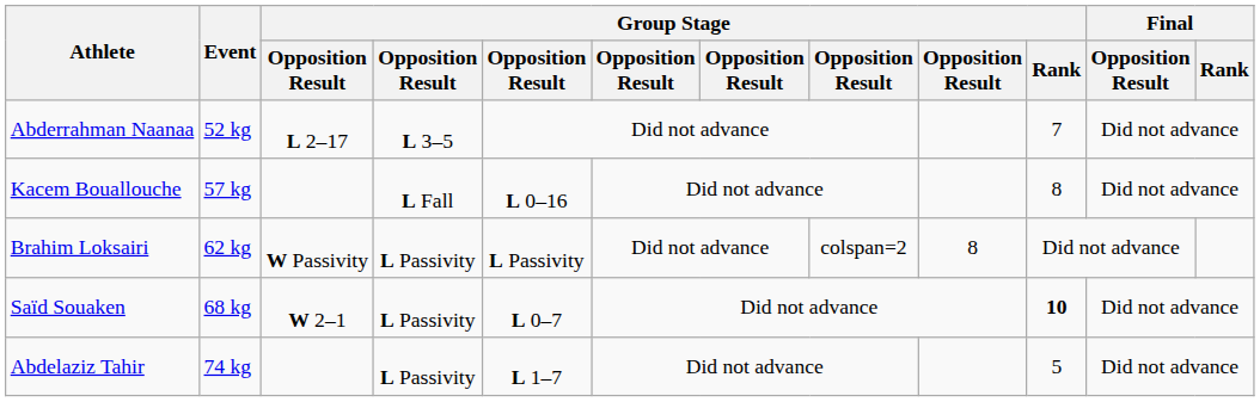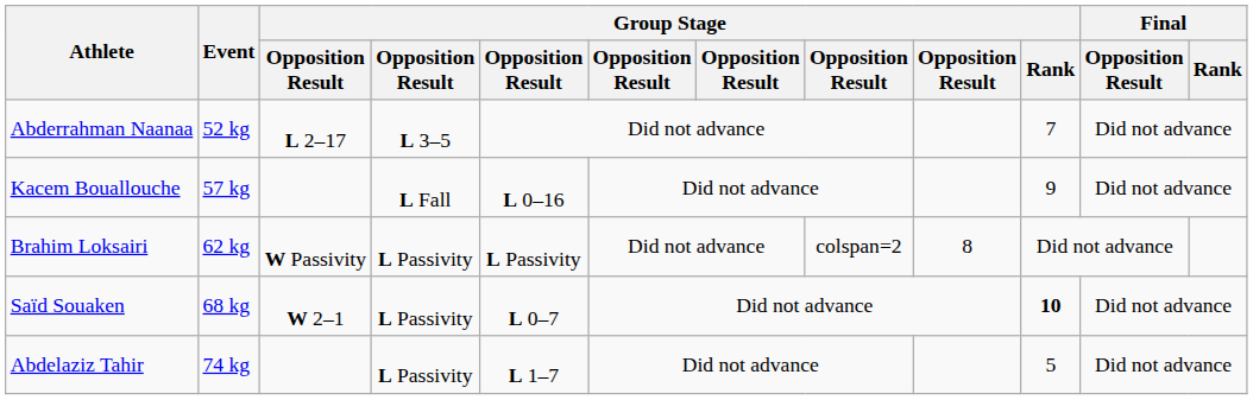 <table class=wikitable style="font-size:90%">
 <tr>
 <th rowspan="2">Athlete</th>
 <th rowspan="2">Event</th>
 <th colspan="8">Group Stage</th>
 <th colspan=2>Final</th>
 </tr>
 <tr>
 <th>Opposition<br>Result</th>
 <th>Opposition<br>Result</th>
 <th>Opposition<br>Result</th>
 <th>Opposition<br>Result</th>
 <th>Opposition<br>Result</th>
 <th>Opposition<br>Result</th>
 <th>Opposition<br>Result</th>
 <th>Rank</th>
 <th>Opposition<br>Result</th>
 <th>Rank</th>
 </tr>
 <tr align=center>
 <td align=left><a href='#'>Abderrahman Naanaa</a></td>
 <td align=left><a href='#'>52 kg</a></td>
 <td><br><strong>L</strong> 2–17</td>
 <td><br><strong>L</strong> 3–5</td>
 <td colspan=4>Did not advance</td>
 <td></td>
 <td>7</td>
 <td colspan=2>Did not advance</td>
 </tr>
 <tr align=center>
 <td align=left><a href='#'>Kacem Bouallouche</a></td>
 <td align=left><a href='#'>57 kg</a></td>
 <td></td>
 <td><br><strong>L</strong> Fall</td>
 <td><br><strong>L</strong> 0–16</td>
 <td colspan=3>Did not advance</td>
 <td></td>
-<td>8</td>
+<td>9</td>
 <td colspan=2>Did not advance</td>
 </tr>
 <tr align=center>
 <td align=left><a href='#'>Brahim Loksairi</a></td>
 <td align=left><a href='#'>62 kg</a></td>
 <td><br><strong>W</strong> Passivity</td>
 <td><br><strong>L</strong> Passivity</td>
 <td><br><strong>L</strong> Passivity</td>
 <td colspan=2>Did not advance</td>
 <td>colspan=2</td>
 <td>8</td>
 <td colspan=2>Did not advance</td>
 </tr>
 <tr align=center>
 <td align=left><a href='#'>Saïd Souaken</a></td>
 <td align=left><a href='#'>68 kg</a></td>
 <td><br><strong>W</strong> 2–1</td>
 <td><br><strong>L</strong> Passivity</td>
 <td><br><strong>L</strong> 0–7</td>
 <td colspan=4>Did not advance</td>
 <td><strong>10</strong></td>
 <td colspan=2>Did not advance</td>
 </tr>
 <tr align=center>
 <td align=left><a href='#'>Abdelaziz Tahir</a></td>
 <td align=left><a href='#'>74 kg</a></td>
 <td></td>
 <td><br><strong>L</strong> Passivity</td>
 <td><br><strong>L</strong> 1–7</td>
 <td colspan=3>Did not advance</td>
 <td></td>
 <td>5</td>
 <td colspan=2>Did not advance</td>
 </tr>
 </table>
